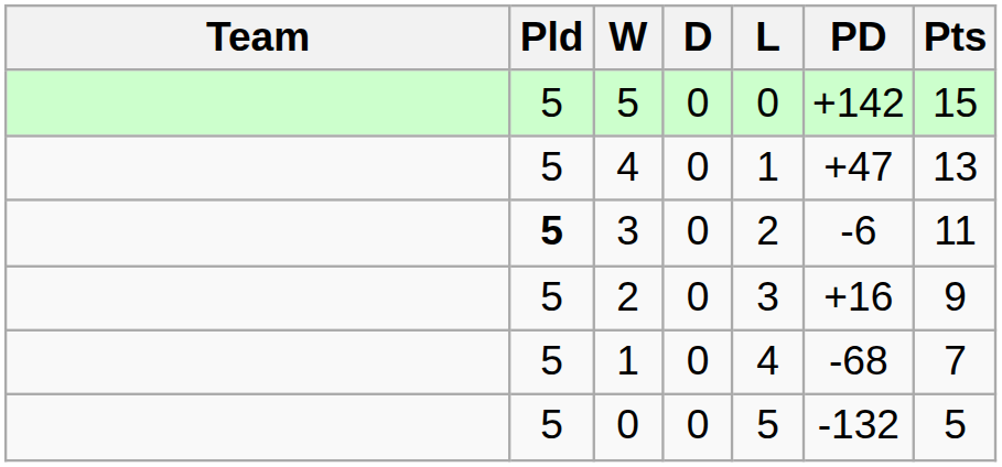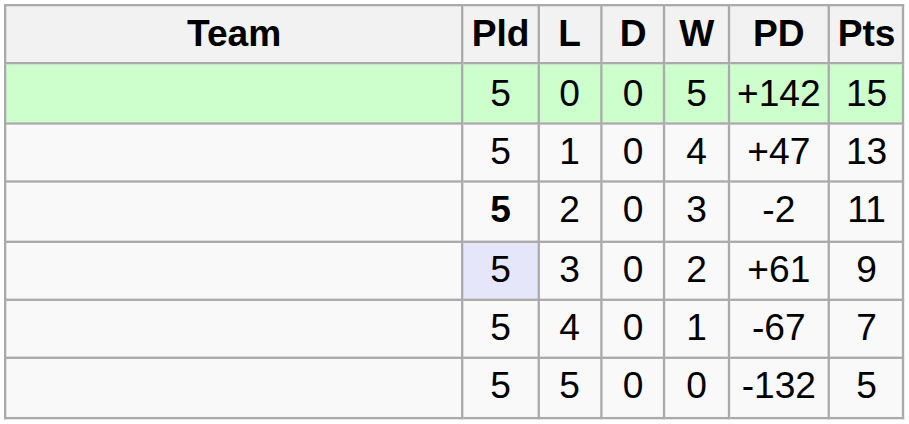 <table class="wikitable" style="text-align:center;">
 <tr>
 <th width="190">Team</th>
 <th width="20" abbr="Played">Pld</th>
+<th width="20" abbr="Lost">L</th>
+<th width="20" abbr="Drawn">D</th>
 <th width="20" abbr="Won">W</th>
-<th width="20" abbr="Drawn">D</th>
-<th width="20" abbr="Lost">L</th>
 <th width="25" abbr="Points difference">PD</th>
 <th width="20" abbr="Points">Pts</th>
 </tr>
 <tr bgcolor="ccffcc">
 <td align="left"></td>
 <td>5</td>
-<td>5</td>
 <td>0</td>
 <td>0</td>
+<td>5</td>
 <td>+142</td>
 <td>15</td>
+</tr>
+<tr>
+<td align="left"></td>
+<td>5</td>
+<td>1</td>
+<td>0</td>
+<td>4</td>
+<td>+47</td>
+<td>13</td>
+</tr>
+<tr>
+<td align="left"></td>
+<td><strong>5</strong></td>
+<td>2</td>
+<td>0</td>
+<td>3</td>
+<td>-2</td>
+<td>11</td>
+</tr>
+<tr>
+<td align="left"></td>
+<td style="background: lavender;">5</td>
+<td>3</td>
+<td>0</td>
+<td>2</td>
+<td>+61</td>
+<td>9</td>
 </tr>
 <tr>
 <td align="left"></td>
 <td>5</td>
 <td>4</td>
 <td>0</td>
 <td>1</td>
-<td>+47</td>
-<td>13</td>
-</tr>
-<tr>
-<td align="left"></td>
-<td><strong>5</strong></td>
-<td>3</td>
-<td>0</td>
-<td>2</td>
-<td>-6</td>
-<td>11</td>
-</tr>
-<tr>
-<td align="left"></td>
-<td>5</td>
-<td>2</td>
-<td>0</td>
-<td>3</td>
-<td>+16</td>
-<td>9</td>
-</tr>
-<tr>
-<td align="left"></td>
-<td>5</td>
-<td>1</td>
-<td>0</td>
-<td>4</td>
-<td>-68</td>
+<td>-67</td>
 <td>7</td>
 </tr>
 <tr>
 <td align="left"></td>
 <td>5</td>
+<td>5</td>
 <td>0</td>
 <td>0</td>
-<td>5</td>
 <td>-132</td>
 <td>5</td>
 </tr>
 </table>
